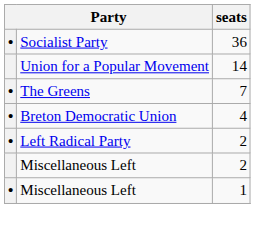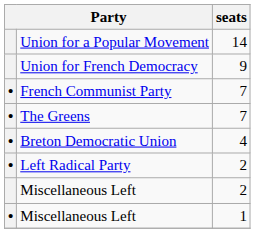 <table class="wikitable" style="font-size: 95%;">
 <tr>
 <th colspan=2>Party</th>
 <th>seats</th>
 </tr>
 <tr>
-<th style="background-color: "><span>•</span></th>
-<td><a href='#'>Socialist Party</a></td>
-<td align="right">36</td>
+<th style="background-color: "></th>
+<td><a href='#'>Union for a Popular Movement</a></td>
+<td align="right">14</td>
 </tr>
 <tr>
 <th style="background-color: "></th>
-<td><a href='#'>Union for a Popular Movement</a></td>
-<td align="right">14</td>
+<td><a href='#'>Union for French Democracy</a></td>
+<td align="right">9</td>
+</tr>
+<tr>
+<th style="background-color: "><span>•</span></th>
+<td><a href='#'>French Communist Party</a></td>
+<td align="right">7</td>
 </tr>
 <tr>
 <th style="background-color: "><span>•</span></th>
 <td><a href='#'>The Greens</a></td>
 <td align="right">7</td>
 </tr>
 <tr>
 <th style="background-color: "><span>•</span></th>
 <td><a href='#'>Breton Democratic Union</a></td>
 <td align="right">4</td>
 </tr>
 <tr>
 <th style="background-color: "><span>•</span></th>
 <td><a href='#'>Left Radical Party</a></td>
 <td align="right">2</td>
 </tr>
 <tr>
 <th style="background-color: "></th>
 <td>Miscellaneous Left</td>
 <td align="right">2</td>
 </tr>
 <tr>
 <th style="background-color: "><span>•</span></th>
 <td>Miscellaneous Left</td>
 <td align="right">1</td>
 </tr>
 <tr>
 </tr>
 </table>
